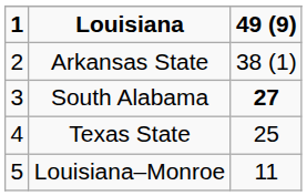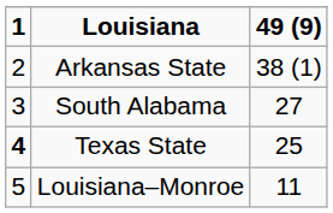 <table class="wikitable" style="display: inline-table;">
 <tr align="center">
 </tr>
 <tr align="center">
 <td><strong>1</strong></td>
 <td><strong>Louisiana</strong></td>
 <td><strong>49 (9)</strong></td>
 </tr>
 <tr align="center">
 <td>2</td>
 <td>Arkansas State</td>
 <td>38 (1)</td>
 </tr>
 <tr align="center">
 <td>3</td>
 <td>South Alabama</td>
-<td><strong>27</strong></td>
+<td>27</td>
 </tr>
 <tr align="center">
-<td>4</td>
+<td><strong>4</strong></td>
 <td>Texas State</td>
 <td>25</td>
 </tr>
 <tr align="center">
 <td>5</td>
 <td>Louisiana–Monroe</td>
 <td>11</td>
 </tr>
 </table>
